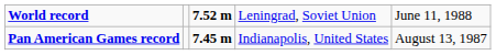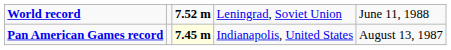 <table class="wikitable">
 <tr>
 <td><strong><a href='#'>World record</a></strong></td>
 <td></td>
 <td><strong>7.52 m</strong></td>
 <td><a href='#'>Leningrad</a>, <a href='#'>Soviet Union</a></td>
 <td>June 11, 1988</td>
 </tr>
 <tr>
 <td><strong><a href='#'>Pan American Games record</a></strong></td>
 <td></td>
-<td><strong>7.45 m</strong></td>
+<td style="background: lightyellow;"><strong>7.45 m</strong></td>
 <td><a href='#'>Indianapolis</a>, <a href='#'>United States</a></td>
 <td>August 13, 1987</td>
 </tr>
 </table>
